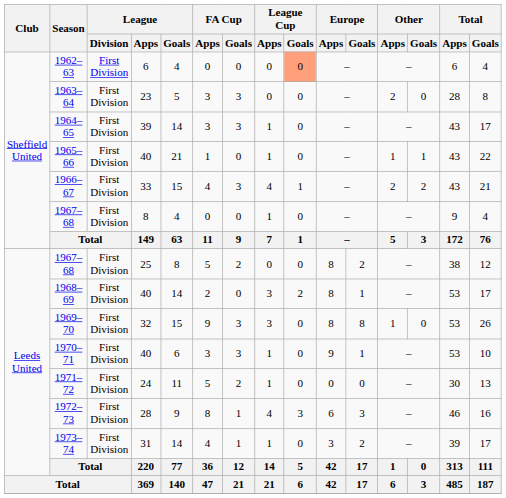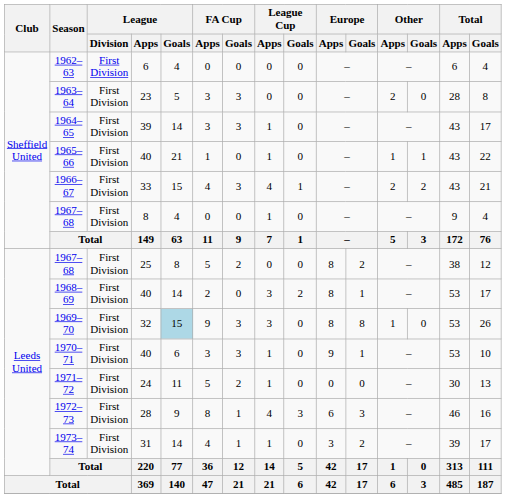 <table class=wikitable style="text-align: center;">
 <tr>
 <th rowspan="2">Club</th>
 <th rowspan="2">Season</th>
 <th colspan="3">League</th>
 <th colspan="2">FA Cup</th>
 <th colspan="2">League Cup</th>
 <th colspan="2">Europe</th>
 <th colspan="2">Other</th>
 <th colspan="2">Total</th>
 </tr>
 <tr>
 <th>Division</th>
 <th>Apps</th>
 <th>Goals</th>
 <th>Apps</th>
 <th>Goals</th>
 <th>Apps</th>
 <th>Goals</th>
 <th>Apps</th>
 <th>Goals</th>
 <th>Apps</th>
 <th>Goals</th>
 <th>Apps</th>
 <th>Goals</th>
 </tr>
 <tr>
 <td rowspan="7"><a href='#'>Sheffield United</a></td>
 <td><a href='#'>1962–63</a></td>
 <td><a href='#'>First Division</a></td>
 <td>6</td>
 <td>4</td>
 <td>0</td>
 <td>0</td>
 <td>0</td>
-<td style="background: lightsalmon;">0</td>
+<td>0</td>
 <td colspan="2">–</td>
 <td colspan="2">–</td>
 <td>6</td>
 <td>4</td>
 </tr>
 <tr>
 <td><a href='#'>1963–64</a></td>
 <td>First Division</td>
 <td>23</td>
 <td>5</td>
 <td>3</td>
 <td>3</td>
 <td>0</td>
 <td>0</td>
 <td colspan="2">–</td>
 <td>2</td>
 <td>0</td>
 <td>28</td>
 <td>8</td>
 </tr>
 <tr>
 <td><a href='#'>1964–65</a></td>
 <td>First Division</td>
 <td>39</td>
 <td>14</td>
 <td>3</td>
 <td>3</td>
 <td>1</td>
 <td>0</td>
 <td colspan="2">–</td>
 <td colspan="2">–</td>
 <td>43</td>
 <td>17</td>
 </tr>
 <tr>
 <td><a href='#'>1965–66</a></td>
 <td>First Division</td>
 <td>40</td>
 <td>21</td>
 <td>1</td>
 <td>0</td>
 <td>1</td>
 <td>0</td>
 <td colspan="2">–</td>
 <td>1</td>
 <td>1</td>
 <td>43</td>
 <td>22</td>
 </tr>
 <tr>
 <td><a href='#'>1966–67</a></td>
 <td>First Division</td>
 <td>33</td>
 <td>15</td>
 <td>4</td>
 <td>3</td>
 <td>4</td>
 <td>1</td>
 <td colspan="2">–</td>
 <td>2</td>
 <td>2</td>
 <td>43</td>
 <td>21</td>
 </tr>
 <tr>
 <td><a href='#'>1967–68</a></td>
 <td>First Division</td>
 <td>8</td>
 <td>4</td>
 <td>0</td>
 <td>0</td>
 <td>1</td>
 <td>0</td>
 <td colspan="2">–</td>
 <td colspan="2">–</td>
 <td>9</td>
 <td>4</td>
 </tr>
 <tr>
 <th colspan="2">Total</th>
 <th>149</th>
 <th>63</th>
 <th>11</th>
 <th>9</th>
 <th>7</th>
 <th>1</th>
 <th colspan="2">–</th>
 <th>5</th>
 <th>3</th>
 <th>172</th>
 <th>76</th>
 </tr>
 <tr>
 <td rowspan="8"><a href='#'>Leeds United</a></td>
 <td><a href='#'>1967–68</a></td>
 <td>First Division</td>
 <td>25</td>
 <td>8</td>
 <td>5</td>
 <td>2</td>
 <td>0</td>
 <td>0</td>
 <td>8</td>
 <td>2</td>
 <td colspan="2">–</td>
 <td>38</td>
 <td>12</td>
 </tr>
 <tr>
 <td><a href='#'>1968–69</a></td>
 <td>First Division</td>
 <td>40</td>
 <td>14</td>
 <td>2</td>
 <td>0</td>
 <td>3</td>
 <td>2</td>
 <td>8</td>
 <td>1</td>
 <td colspan="2">–</td>
 <td>53</td>
 <td>17</td>
 </tr>
 <tr>
 <td><a href='#'>1969–70</a></td>
 <td>First Division</td>
 <td>32</td>
-<td>15</td>
+<td style="background: lightblue;">15</td>
 <td>9</td>
 <td>3</td>
 <td>3</td>
 <td>0</td>
 <td>8</td>
 <td>8</td>
 <td>1</td>
 <td>0</td>
 <td>53</td>
 <td>26</td>
 </tr>
 <tr>
 <td><a href='#'>1970–71</a></td>
 <td>First Division</td>
 <td>40</td>
 <td>6</td>
 <td>3</td>
 <td>3</td>
 <td>1</td>
 <td>0</td>
 <td>9</td>
 <td>1</td>
 <td colspan="2">–</td>
 <td>53</td>
 <td>10</td>
 </tr>
 <tr>
 <td><a href='#'>1971–72</a></td>
 <td>First Division</td>
 <td>24</td>
 <td>11</td>
 <td>5</td>
 <td>2</td>
 <td>1</td>
 <td>0</td>
 <td>0</td>
 <td>0</td>
 <td colspan="2">–</td>
 <td>30</td>
 <td>13</td>
 </tr>
 <tr>
 <td><a href='#'>1972–73</a></td>
 <td>First Division</td>
 <td>28</td>
 <td>9</td>
 <td>8</td>
 <td>1</td>
 <td>4</td>
 <td>3</td>
 <td>6</td>
 <td>3</td>
 <td colspan="2">–</td>
 <td>46</td>
 <td>16</td>
 </tr>
 <tr>
 <td><a href='#'>1973–74</a></td>
 <td>First Division</td>
 <td>31</td>
 <td>14</td>
 <td>4</td>
 <td>1</td>
 <td>1</td>
 <td>0</td>
 <td>3</td>
 <td>2</td>
 <td colspan="2">–</td>
 <td>39</td>
 <td>17</td>
 </tr>
 <tr>
 <th colspan="2">Total</th>
 <th>220</th>
 <th>77</th>
 <th>36</th>
 <th>12</th>
 <th>14</th>
 <th>5</th>
 <th>42</th>
 <th>17</th>
 <th>1</th>
 <th>0</th>
 <th>313</th>
 <th>111</th>
 </tr>
 <tr>
 <th colspan="3">Total</th>
 <th>369</th>
 <th>140</th>
 <th>47</th>
 <th>21</th>
 <th>21</th>
 <th>6</th>
 <th>42</th>
 <th>17</th>
 <th>6</th>
 <th>3</th>
 <th>485</th>
 <th>187</th>
 </tr>
 <tr>
 </tr>
 </table>
